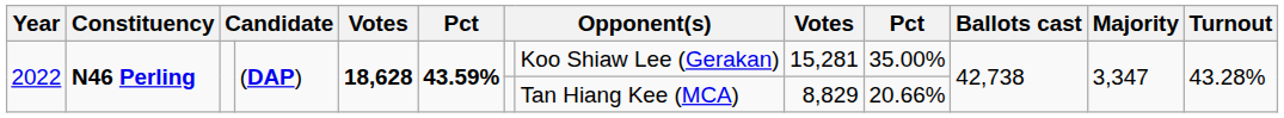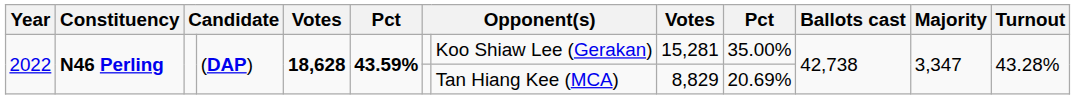 <table class="wikitable" style="margin:0.5em ; font-size:95%">
 <tr>
 <th>Year</th>
 <th>Constituency</th>
 <th colspan=2>Candidate</th>
 <th>Votes</th>
 <th>Pct</th>
 <th colspan=2>Opponent(s)</th>
 <th>Votes</th>
 <th>Pct</th>
 <th>Ballots cast</th>
 <th>Majority</th>
 <th>Turnout</th>
 </tr>
 <tr>
 <td rowspan=2><a href='#'>2022</a></td>
 <td rowspan=2><strong>N46 <a href='#'>Perling</a></strong></td>
 <td rowspan=2 ></td>
 <td rowspan=2> (<a href='#'><strong>DAP</strong></a>)</td>
 <td rowspan=2 align="right"><strong>18,628</strong></td>
 <td rowspan=2><strong>43.59%</strong></td>
 <td></td>
 <td>Koo Shiaw Lee (<a href='#'>Gerakan</a>)</td>
 <td align="right">15,281</td>
 <td>35.00%</td>
 <td rowspan=2>42,738</td>
 <td rowspan=2>3,347</td>
 <td rowspan=2>43.28%</td>
 </tr>
 <tr>
 <td></td>
 <td>Tan Hiang Kee (<a href='#'>MCA</a>)</td>
 <td align="right">8,829</td>
-<td>20.66%</td>
+<td>20.69%</td>
 </tr>
 </table>
